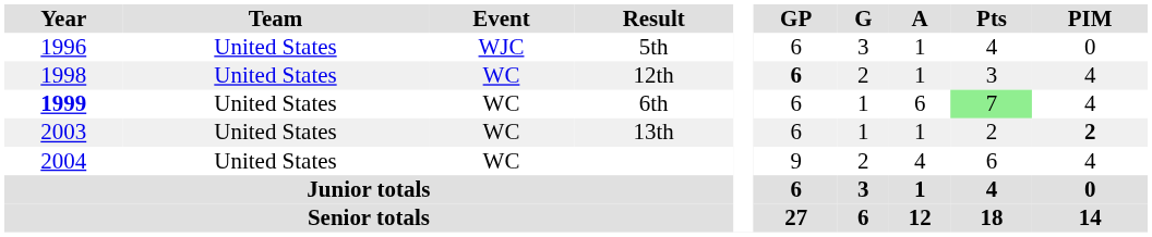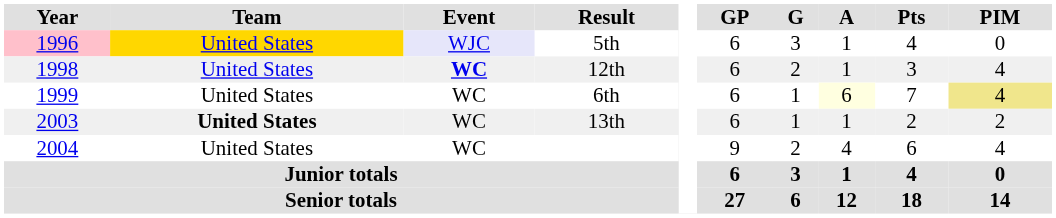 <table border="0" cellpadding="1" cellspacing="0" style="text-align:center; width:50em">
 <tr ALIGN="center" bgcolor="#e0e0e0">
 <th>Year</th>
 <th>Team</th>
 <th>Event</th>
 <th>Result</th>
 <th rowspan="99" bgcolor="#ffffff"> </th>
 <th>GP</th>
 <th>G</th>
 <th>A</th>
 <th>Pts</th>
 <th>PIM</th>
 </tr>
 <tr>
-<td><a href='#'>1996</a></td>
-<td><a href='#'>United States</a></td>
-<td><a href='#'>WJC</a></td>
+<td style="background: pink;"><a href='#'>1996</a></td>
+<td style="background: gold;"><a href='#'>United States</a></td>
+<td style="background: lavender;"><a href='#'>WJC</a></td>
 <td>5th</td>
 <td>6</td>
 <td>3</td>
 <td>1</td>
 <td>4</td>
 <td>0</td>
 </tr>
 <tr bgcolor="#f0f0f0">
 <td><a href='#'>1998</a></td>
 <td><a href='#'>United States</a></td>
-<td><a href='#'>WC</a></td>
+<td><strong><a href='#'>WC</a></strong></td>
 <td>12th</td>
-<td><strong>6</strong></td>
+<td>6</td>
 <td>2</td>
 <td>1</td>
 <td>3</td>
 <td>4</td>
 </tr>
 <tr>
-<td><strong><a href='#'>1999</a></strong></td>
+<td><a href='#'>1999</a></td>
 <td>United States</td>
 <td>WC</td>
 <td>6th</td>
 <td>6</td>
 <td>1</td>
-<td>6</td>
-<td style="background: lightgreen;">7</td>
-<td>4</td>
+<td style="background: lightyellow;">6</td>
+<td>7</td>
+<td style="background: khaki;">4</td>
 </tr>
 <tr bgcolor="#f0f0f0">
 <td><a href='#'>2003</a></td>
-<td>United States</td>
+<td><strong>United States</strong></td>
 <td>WC</td>
 <td>13th</td>
 <td>6</td>
 <td>1</td>
 <td>1</td>
 <td>2</td>
-<td><strong>2</strong></td>
+<td>2</td>
 </tr>
 <tr>
 <td><a href='#'>2004</a></td>
 <td>United States</td>
 <td>WC</td>
 <td></td>
 <td>9</td>
 <td>2</td>
 <td>4</td>
 <td>6</td>
 <td>4</td>
 </tr>
 <tr bgcolor="#e0e0e0">
 <th colspan="4">Junior totals</th>
 <th>6</th>
 <th>3</th>
 <th>1</th>
 <th>4</th>
 <th>0</th>
 </tr>
 <tr bgcolor="#e0e0e0">
 <th colspan="4">Senior totals</th>
 <th>27</th>
 <th>6</th>
 <th>12</th>
 <th>18</th>
 <th>14</th>
 </tr>
 </table>
